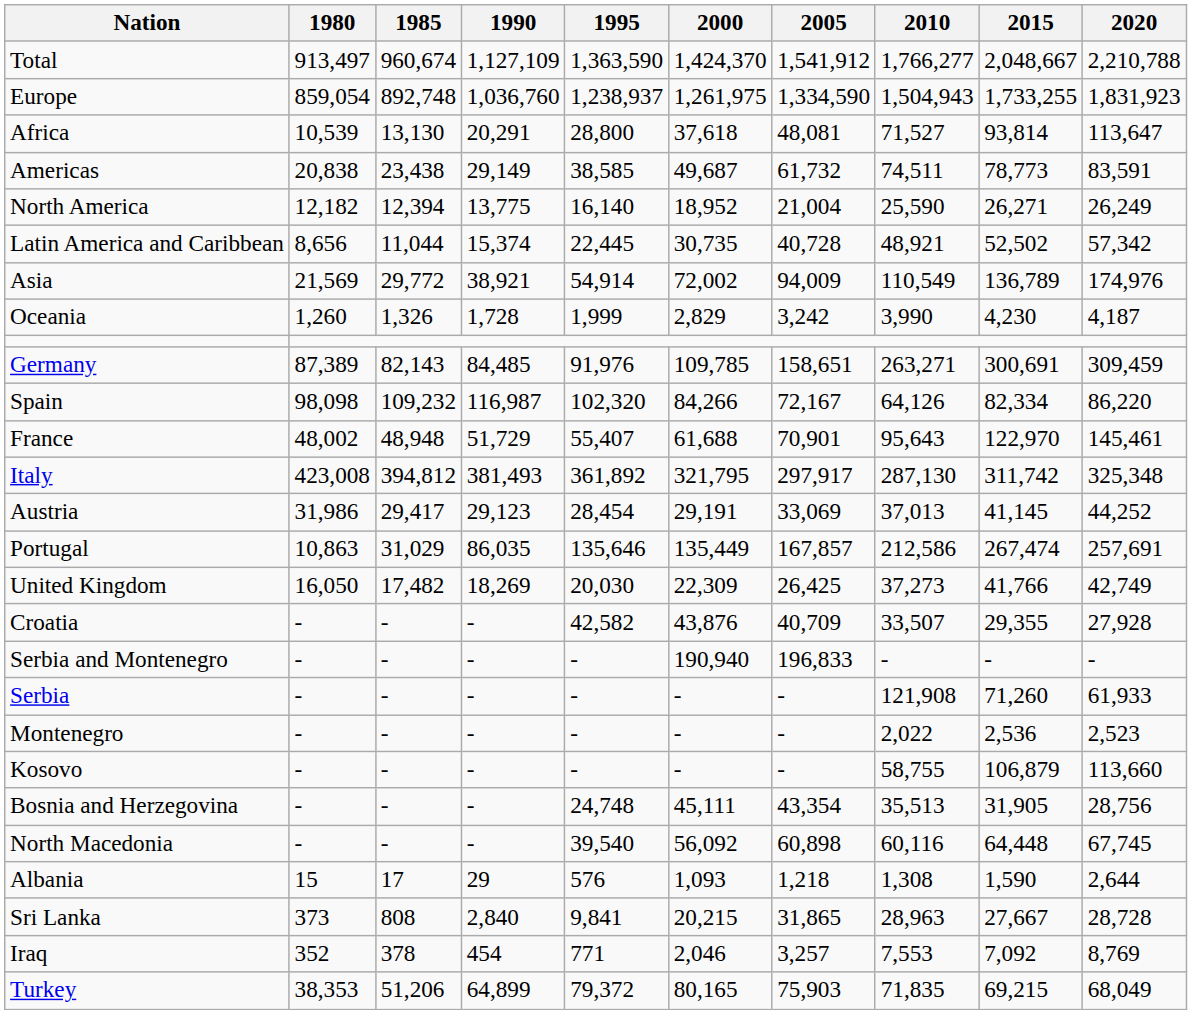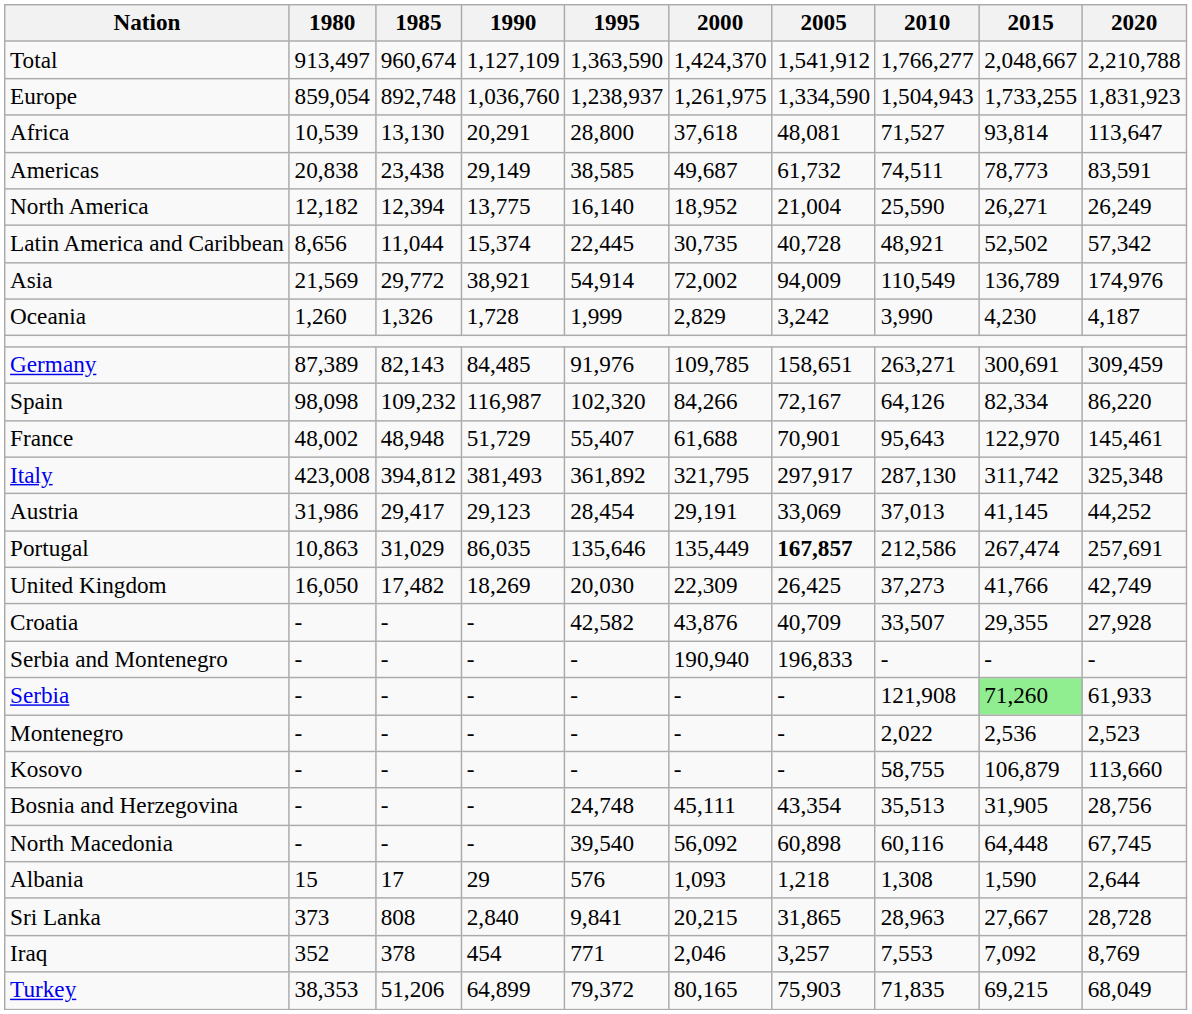 <table class="wikitable sortable">
 <tr>
 <th>Nation</th>
 <th>1980</th>
 <th>1985</th>
 <th>1990</th>
 <th>1995</th>
 <th>2000</th>
 <th>2005</th>
 <th>2010</th>
 <th>2015</th>
 <th>2020</th>
 </tr>
 <tr>
 <td>Total</td>
 <td>913,497</td>
 <td>960,674</td>
 <td>1,127,109</td>
 <td>1,363,590</td>
 <td>1,424,370</td>
 <td>1,541,912</td>
 <td>1,766,277</td>
 <td>2,048,667</td>
 <td>2,210,788</td>
 </tr>
 <tr>
 <td>Europe</td>
 <td>859,054</td>
 <td>892,748</td>
 <td>1,036,760</td>
 <td>1,238,937</td>
 <td>1,261,975</td>
 <td>1,334,590</td>
 <td>1,504,943</td>
 <td>1,733,255</td>
 <td>1,831,923</td>
 </tr>
 <tr>
 <td>Africa</td>
 <td>10,539</td>
 <td>13,130</td>
 <td>20,291</td>
 <td>28,800</td>
 <td>37,618</td>
 <td>48,081</td>
 <td>71,527</td>
 <td>93,814</td>
 <td>113,647</td>
 </tr>
 <tr>
 <td>Americas</td>
 <td>20,838</td>
 <td>23,438</td>
 <td>29,149</td>
 <td>38,585</td>
 <td>49,687</td>
 <td>61,732</td>
 <td>74,511</td>
 <td>78,773</td>
 <td>83,591</td>
 </tr>
 <tr>
 <td>North America</td>
 <td>12,182</td>
 <td>12,394</td>
 <td>13,775</td>
 <td>16,140</td>
 <td>18,952</td>
 <td>21,004</td>
 <td>25,590</td>
 <td>26,271</td>
 <td>26,249</td>
 </tr>
 <tr>
 <td>Latin America and Caribbean</td>
 <td>8,656</td>
 <td>11,044</td>
 <td>15,374</td>
 <td>22,445</td>
 <td>30,735</td>
 <td>40,728</td>
 <td>48,921</td>
 <td>52,502</td>
 <td>57,342</td>
 </tr>
 <tr>
 <td>Asia</td>
 <td>21,569</td>
 <td>29,772</td>
 <td>38,921</td>
 <td>54,914</td>
 <td>72,002</td>
 <td>94,009</td>
 <td>110,549</td>
 <td>136,789</td>
 <td>174,976</td>
 </tr>
 <tr>
 <td>Oceania</td>
 <td>1,260</td>
 <td>1,326</td>
 <td>1,728</td>
 <td>1,999</td>
 <td>2,829</td>
 <td>3,242</td>
 <td>3,990</td>
 <td>4,230</td>
 <td>4,187</td>
 </tr>
 <tr>
 <td></td>
 </tr>
 <tr>
 <td><a href='#'>Germany</a></td>
 <td>87,389</td>
 <td>82,143</td>
 <td>84,485</td>
 <td>91,976</td>
 <td>109,785</td>
 <td>158,651</td>
 <td>263,271</td>
 <td>300,691</td>
 <td>309,459</td>
 </tr>
 <tr>
 <td>Spain</td>
 <td>98,098</td>
 <td>109,232</td>
 <td>116,987</td>
 <td>102,320</td>
 <td>84,266</td>
 <td>72,167</td>
 <td>64,126</td>
 <td>82,334</td>
 <td>86,220</td>
 </tr>
 <tr>
 <td>France</td>
 <td>48,002</td>
 <td>48,948</td>
 <td>51,729</td>
 <td>55,407</td>
 <td>61,688</td>
 <td>70,901</td>
 <td>95,643</td>
 <td>122,970</td>
 <td>145,461</td>
 </tr>
 <tr>
 <td><a href='#'>Italy</a></td>
 <td>423,008</td>
 <td>394,812</td>
 <td>381,493</td>
 <td>361,892</td>
 <td>321,795</td>
 <td>297,917</td>
 <td>287,130</td>
 <td>311,742</td>
 <td>325,348</td>
 </tr>
 <tr>
 <td>Austria</td>
 <td>31,986</td>
 <td>29,417</td>
 <td>29,123</td>
 <td>28,454</td>
 <td>29,191</td>
 <td>33,069</td>
 <td>37,013</td>
 <td>41,145</td>
 <td>44,252</td>
 </tr>
 <tr>
 <td>Portugal</td>
 <td>10,863</td>
 <td>31,029</td>
 <td>86,035</td>
 <td>135,646</td>
 <td>135,449</td>
-<td>167,857</td>
+<td><strong>167,857</strong></td>
 <td>212,586</td>
 <td>267,474</td>
 <td>257,691</td>
 </tr>
 <tr>
 <td>United Kingdom</td>
 <td>16,050</td>
 <td>17,482</td>
 <td>18,269</td>
 <td>20,030</td>
 <td>22,309</td>
 <td>26,425</td>
 <td>37,273</td>
 <td>41,766</td>
 <td>42,749</td>
 </tr>
 <tr>
 <td>Croatia</td>
 <td>-</td>
 <td>-</td>
 <td>-</td>
 <td>42,582</td>
 <td>43,876</td>
 <td>40,709</td>
 <td>33,507</td>
 <td>29,355</td>
 <td>27,928</td>
 </tr>
 <tr>
 <td>Serbia and Montenegro</td>
 <td>-</td>
 <td>-</td>
 <td>-</td>
 <td>-</td>
 <td>190,940</td>
 <td>196,833</td>
 <td>-</td>
 <td>-</td>
 <td>-</td>
 </tr>
 <tr>
 <td><a href='#'>Serbia</a></td>
 <td>-</td>
 <td>-</td>
 <td>-</td>
 <td>-</td>
 <td>-</td>
 <td>-</td>
 <td>121,908</td>
-<td>71,260</td>
+<td style="background: lightgreen;">71,260</td>
 <td>61,933</td>
 </tr>
 <tr>
 <td>Montenegro</td>
 <td>-</td>
 <td>-</td>
 <td>-</td>
 <td>-</td>
 <td>-</td>
 <td>-</td>
 <td>2,022</td>
 <td>2,536</td>
 <td>2,523</td>
 </tr>
 <tr>
 <td>Kosovo</td>
 <td>-</td>
 <td>-</td>
 <td>-</td>
 <td>-</td>
 <td>-</td>
 <td>-</td>
 <td>58,755</td>
 <td>106,879</td>
 <td>113,660</td>
 </tr>
 <tr>
 <td>Bosnia and Herzegovina</td>
 <td>-</td>
 <td>-</td>
 <td>-</td>
 <td>24,748</td>
 <td>45,111</td>
 <td>43,354</td>
 <td>35,513</td>
 <td>31,905</td>
 <td>28,756</td>
 </tr>
 <tr>
 <td>North Macedonia</td>
 <td>-</td>
 <td>-</td>
 <td>-</td>
 <td>39,540</td>
 <td>56,092</td>
 <td>60,898</td>
 <td>60,116</td>
 <td>64,448</td>
 <td>67,745</td>
 </tr>
 <tr>
 <td>Albania</td>
 <td>15</td>
 <td>17</td>
 <td>29</td>
 <td>576</td>
 <td>1,093</td>
 <td>1,218</td>
 <td>1,308</td>
 <td>1,590</td>
 <td>2,644</td>
 </tr>
 <tr>
 <td>Sri Lanka</td>
 <td>373</td>
 <td>808</td>
 <td>2,840</td>
 <td>9,841</td>
 <td>20,215</td>
 <td>31,865</td>
 <td>28,963</td>
 <td>27,667</td>
 <td>28,728</td>
 </tr>
 <tr>
 <td>Iraq</td>
 <td>352</td>
 <td>378</td>
 <td>454</td>
 <td>771</td>
 <td>2,046</td>
 <td>3,257</td>
 <td>7,553</td>
 <td>7,092</td>
 <td>8,769</td>
 </tr>
 <tr>
 <td><a href='#'>Turkey</a></td>
 <td>38,353</td>
 <td>51,206</td>
 <td>64,899</td>
 <td>79,372</td>
 <td>80,165</td>
 <td>75,903</td>
 <td>71,835</td>
 <td>69,215</td>
 <td>68,049</td>
 </tr>
 </table>
